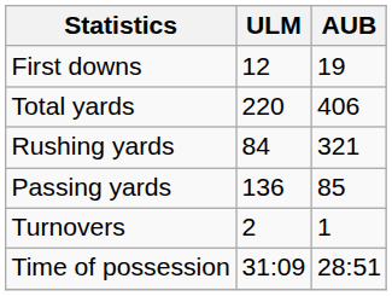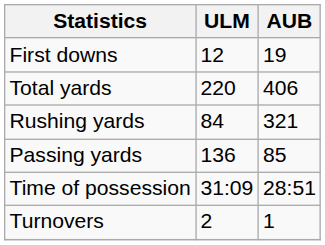 <table class="wikitable">
 <tr>
 <th>Statistics</th>
 <th>ULM</th>
 <th>AUB</th>
 </tr>
 <tr>
 <td>First downs</td>
 <td>12</td>
 <td>19</td>
 </tr>
 <tr>
 <td>Total yards</td>
 <td>220</td>
 <td>406</td>
 </tr>
 <tr>
 <td>Rushing yards</td>
 <td>84</td>
 <td>321</td>
 </tr>
 <tr>
 <td>Passing yards</td>
 <td>136</td>
 <td>85</td>
 </tr>
 <tr>
+<td>Time of possession</td>
+<td>31:09</td>
+<td>28:51</td>
+</tr>
+<tr>
 <td>Turnovers</td>
 <td>2</td>
 <td>1</td>
 </tr>
 <tr>
-<td>Time of possession</td>
-<td>31:09</td>
-<td>28:51</td>
-</tr>
-<tr>
 </tr>
 </table>
